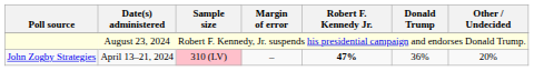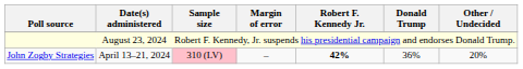 <table class="wikitable sortable mw-datatable" style="font-size:90%;text-align:center;line-height:17px">
 <tr valign=bottom>
 <th>Poll source</th>
 <th>Date(s)<br>administered</th>
 <th>Sample<br>size</th>
 <th>Margin<br>of error</th>
 <th class="unsortable">Robert F.<br>Kennedy Jr.<br></th>
 <th class="unsortable">Donald<br>Trump<br></th>
 <th class="unsortable">Other /<br>Undecided</th>
 </tr>
 <tr>
 </tr>
 <tr style="background:lightyellow;">
 <td style="border-right-style:hidden; background:lightyellow;"></td>
 <td style="border-right-style:hidden; " data-sort-value="2024-07-21">August 23, 2024</td>
 <td colspan="5">Robert F. Kennedy, Jr. suspends <a href='#'>his presidential campaign</a> and endorses Donald Trump.</td>
 </tr>
 <tr>
 <td style="text-align:left;"><a href='#'>John Zogby Strategies</a></td>
 <td data-sort-value="2024-05-01">April 13–21, 2024</td>
 <td style="background: pink;">310 (LV)</td>
 <td>–</td>
-<td style="background-color:"><strong>47%</strong></td>
+<td style="background-color:"><strong>42%</strong></td>
 <td>36%</td>
 <td>20%</td>
 </tr>
 </table>
